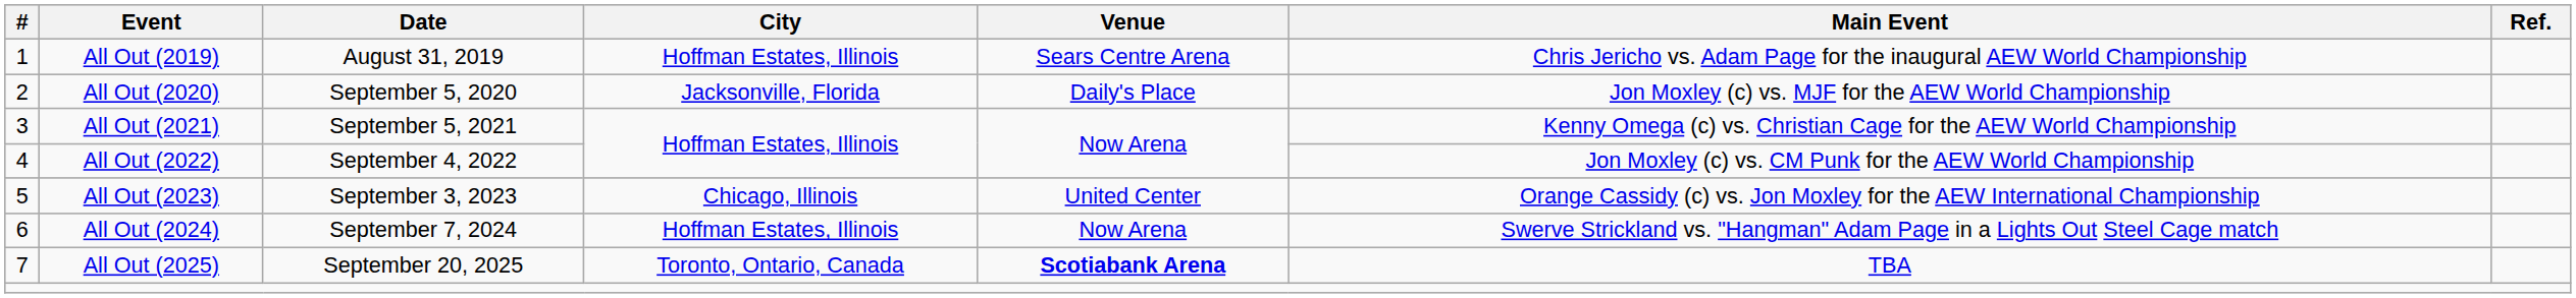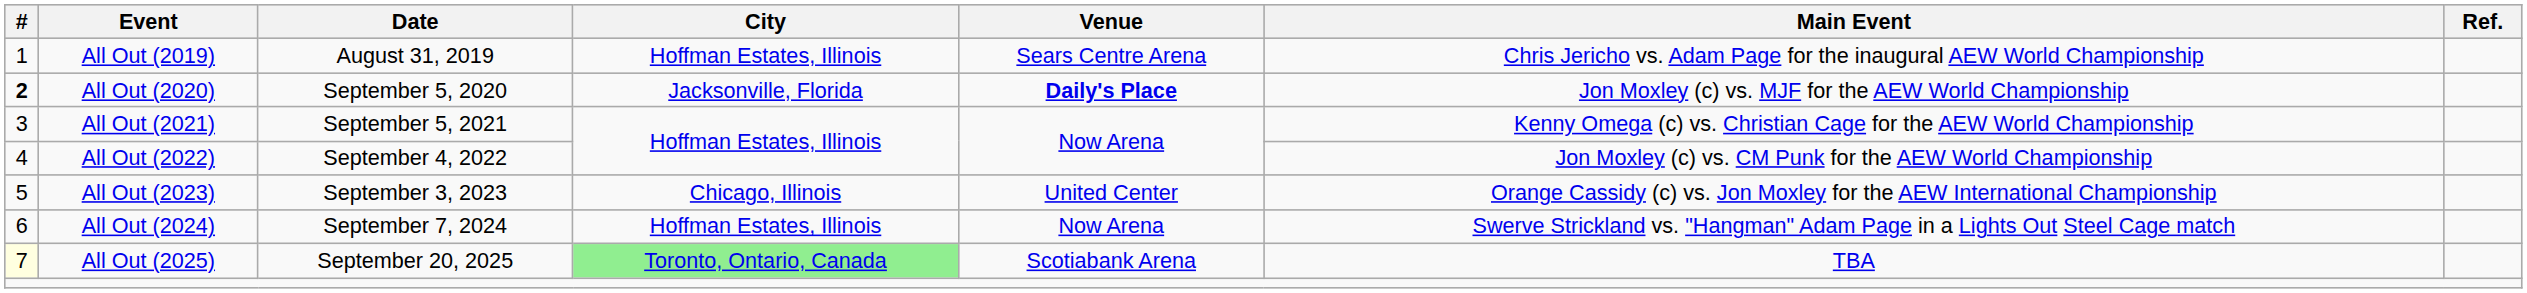 <table class="mw-datatable wikitable sortable succession-box" style="font-size:85%; text-align:center;" width="100%">
 <tr>
 <th>#</th>
 <th>Event</th>
 <th>Date</th>
 <th>City</th>
 <th>Venue</th>
 <th>Main Event</th>
 <th>Ref.</th>
 </tr>
 <tr>
 <td>1</td>
 <td><a href='#'>All Out (2019)</a></td>
 <td>August 31, 2019</td>
 <td><a href='#'>Hoffman Estates, Illinois</a></td>
 <td><a href='#'>Sears Centre Arena</a></td>
 <td><a href='#'>Chris Jericho</a> vs. <a href='#'>Adam Page</a> for the inaugural <a href='#'>AEW World Championship</a></td>
 <td></td>
 </tr>
 <tr>
-<td>2</td>
+<td><strong>2</strong></td>
 <td><a href='#'>All Out (2020)</a></td>
 <td>September 5, 2020</td>
 <td><a href='#'>Jacksonville, Florida</a></td>
-<td><a href='#'>Daily's Place</a></td>
+<td><strong><a href='#'>Daily's Place</a></strong></td>
 <td><a href='#'>Jon Moxley</a> (c) vs. <a href='#'>MJF</a> for the <a href='#'>AEW World Championship</a></td>
 <td></td>
 </tr>
 <tr>
 <td>3</td>
 <td><a href='#'>All Out (2021)</a></td>
 <td>September 5, 2021</td>
 <td rowspan="2"><a href='#'>Hoffman Estates, Illinois</a></td>
 <td rowspan="2"><a href='#'>Now Arena</a></td>
 <td><a href='#'>Kenny Omega</a> (c) vs. <a href='#'>Christian Cage</a> for the <a href='#'>AEW World Championship</a></td>
 <td></td>
 </tr>
 <tr>
 <td>4</td>
 <td><a href='#'>All Out (2022)</a></td>
 <td>September 4, 2022</td>
 <td><a href='#'>Jon Moxley</a> (c) vs. <a href='#'>CM Punk</a> for the <a href='#'>AEW World Championship</a></td>
 <td></td>
 </tr>
 <tr>
 <td>5</td>
 <td><a href='#'>All Out (2023)</a></td>
 <td>September 3, 2023</td>
 <td><a href='#'>Chicago, Illinois</a></td>
 <td><a href='#'>United Center</a></td>
 <td><a href='#'>Orange Cassidy</a> (c) vs. <a href='#'>Jon Moxley</a> for the <a href='#'>AEW International Championship</a></td>
 <td></td>
 </tr>
 <tr>
 <td>6</td>
 <td><a href='#'>All Out (2024)</a></td>
 <td>September 7, 2024</td>
 <td><a href='#'>Hoffman Estates, Illinois</a></td>
 <td><a href='#'>Now Arena</a></td>
 <td><a href='#'>Swerve Strickland</a> vs. <a href='#'>"Hangman" Adam Page</a> in a <a href='#'>Lights Out</a> <a href='#'>Steel Cage match</a></td>
 <td></td>
 </tr>
 <tr>
-<td>7</td>
+<td style="background: lightyellow;">7</td>
 <td><a href='#'>All Out (2025)</a></td>
 <td>September 20, 2025</td>
-<td><a href='#'>Toronto, Ontario, Canada</a></td>
-<td><strong><a href='#'>Scotiabank Arena</a></strong></td>
+<td style="background: lightgreen;"><a href='#'>Toronto, Ontario, Canada</a></td>
+<td><a href='#'>Scotiabank Arena</a></td>
 <td><a href='#'>TBA</a></td>
 <td></td>
 </tr>
 <tr>
 <td colspan="11"></td>
 </tr>
 </table>
